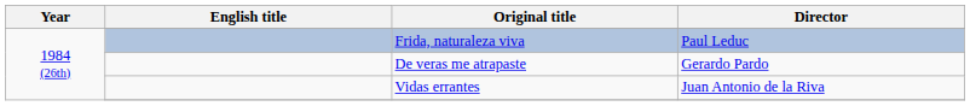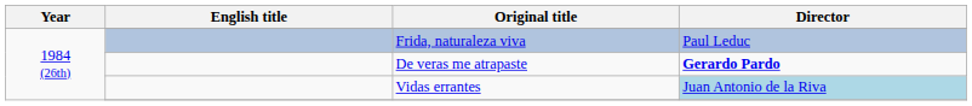 <table class="wikitable">
 <tr>
 <th width="100"><strong>Year</strong></th>
 <th width="300"><strong>English title</strong></th>
 <th width="300"><strong>Original title</strong></th>
 <th width="300"><strong>Director</strong></th>
 </tr>
 <tr>
 <td rowspan="6" style="text-align:center;"><a href='#'>1984</a><br><small><a href='#'>(26th)</a></small></td>
 </tr>
 <tr style="background:#B0C4DE;">
 <td></td>
 <td><a href='#'>Frida, naturaleza viva</a></td>
 <td><a href='#'>Paul Leduc</a></td>
 </tr>
 <tr>
 <td></td>
 <td><a href='#'>De veras me atrapaste</a></td>
-<td><a href='#'>Gerardo Pardo</a></td>
+<td><strong><a href='#'>Gerardo Pardo</a></strong></td>
 </tr>
 <tr>
 <td></td>
 <td><a href='#'>Vidas errantes</a></td>
-<td><a href='#'>Juan Antonio de la Riva</a></td>
+<td style="background: lightblue;"><a href='#'>Juan Antonio de la Riva</a></td>
 </tr>
 <tr>
 </tr>
 </table>
